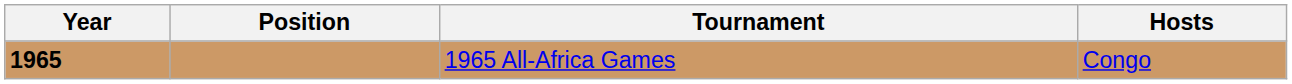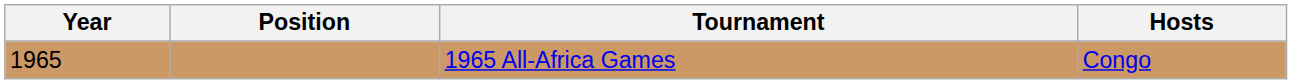 <table class="wikitable" width=70%>
 <tr>
 <th>Year</th>
 <th>Position</th>
 <th>Tournament</th>
 <th>Hosts</th>
 </tr>
 <tr valign="top" bgcolor="#cc9966">
-<td><strong>1965</strong></td>
+<td>1965</td>
 <td></td>
 <td><a href='#'>1965 All-Africa Games</a></td>
 <td><a href='#'>Congo</a></td>
 </tr>
 </table>
